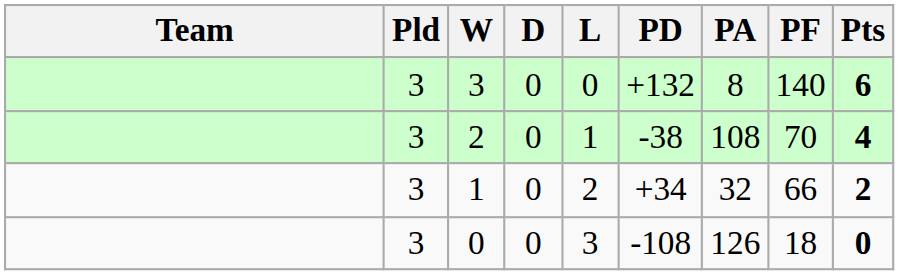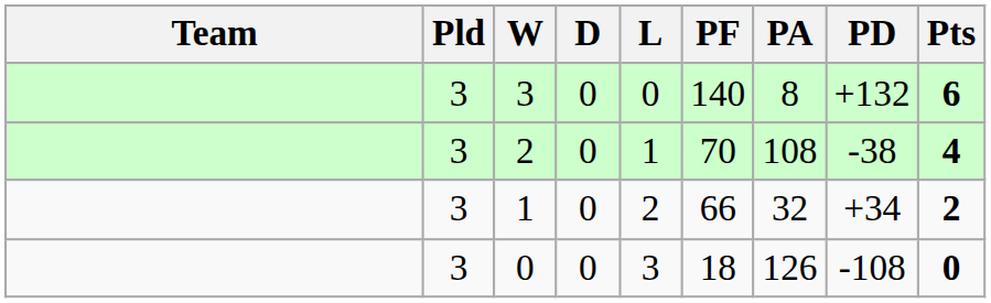 <table class="wikitable" style="text-align:center;">
 <tr>
 <th width=175>Team</th>
 <th width=20 abbr="Played">Pld</th>
 <th width=20 abbr="Won">W</th>
 <th width=20 abbr="Drawn">D</th>
 <th width=20 abbr="Lost">L</th>
+<th width=20 abbr="Goals for">PF</th>
+<th width=20 abbr="Goals against">PA</th>
 <th width=20 abbr="Goal difference">PD</th>
-<th width=20 abbr="Goals against">PA</th>
-<th width=20 abbr="Goals for">PF</th>
 <th width=20 abbr="Points">Pts</th>
 </tr>
 <tr style="background:#ccffcc;">
 <td style="text-align:left;"></td>
 <td>3</td>
 <td>3</td>
 <td>0</td>
 <td>0</td>
+<td>140</td>
+<td>8</td>
 <td>+132</td>
-<td>8</td>
-<td>140</td>
 <td><strong>6</strong></td>
 </tr>
 <tr style="background:#ccffcc;">
 <td style="text-align:left;"></td>
 <td>3</td>
 <td>2</td>
 <td>0</td>
 <td>1</td>
+<td>70</td>
+<td>108</td>
 <td>-38</td>
-<td>108</td>
-<td>70</td>
 <td><strong>4</strong></td>
 </tr>
 <tr>
 <td style="text-align:left;"></td>
 <td>3</td>
 <td>1</td>
 <td>0</td>
 <td>2</td>
+<td>66</td>
+<td>32</td>
 <td>+34</td>
-<td>32</td>
-<td>66</td>
 <td><strong>2</strong></td>
 </tr>
 <tr>
 <td style="text-align:left;"></td>
 <td>3</td>
 <td>0</td>
 <td>0</td>
 <td>3</td>
+<td>18</td>
+<td>126</td>
 <td>-108</td>
-<td>126</td>
-<td>18</td>
 <td><strong>0</strong></td>
 </tr>
 </table>
